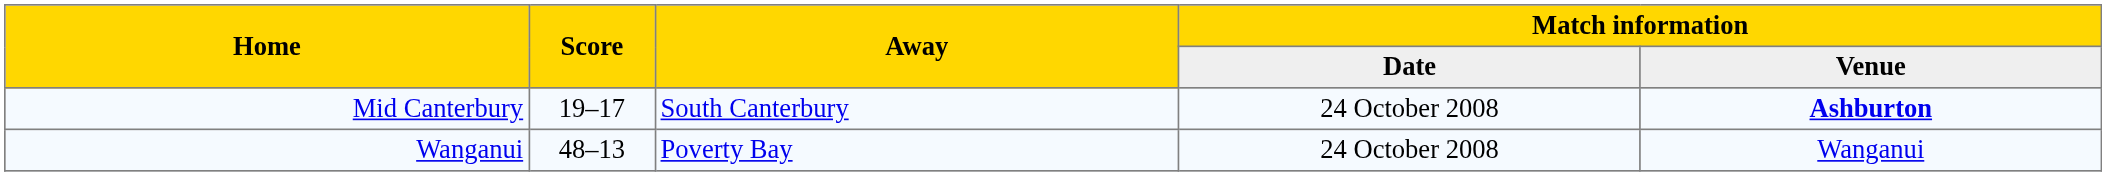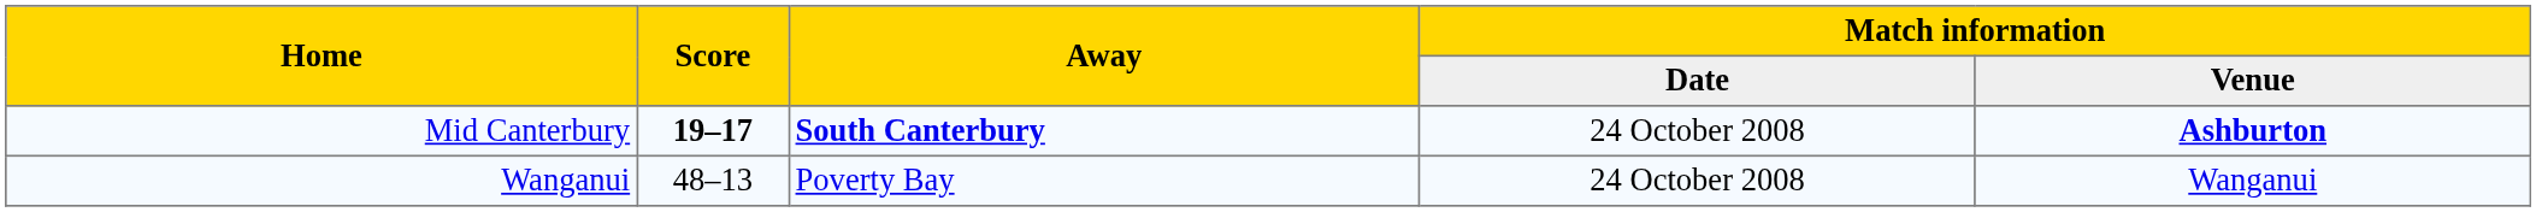 <table border=1 style="border-collapse:collapse;text-align:center" cellpadding=3 cellspacing=0 width=100%>
 <tr bgcolor=#FFD700>
 <th rowspan=2 width=25%>Home</th>
 <th rowspan=2 width=6%>Score</th>
 <th rowspan=2 width=25%>Away</th>
 <th colspan=6>Match information</th>
 </tr>
 <tr bgcolor=#EFEFEF>
 <th width=22%>Date</th>
 <th width=22%>Venue</th>
 </tr>
 <tr bgcolor=#F5FAFF>
 <td align=right><a href='#'>Mid Canterbury</a></td>
-<td>19–17</td>
-<td align=left><a href='#'>South Canterbury</a></td>
+<td><strong>19–17</strong></td>
+<td align=left><strong><a href='#'>South Canterbury</a></strong></td>
 <td>24 October 2008</td>
 <td><strong><a href='#'>Ashburton</a></strong></td>
 </tr>
 <tr bgcolor=#F5FAFF>
 <td align=right><a href='#'>Wanganui</a></td>
 <td>48–13</td>
 <td align=left><a href='#'>Poverty Bay</a></td>
 <td>24 October 2008</td>
 <td><a href='#'>Wanganui</a></td>
 </tr>
 </table>
